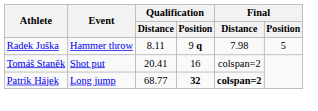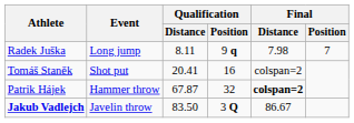 <table class=wikitable style=font-size:90%>
 <tr>
 <th rowspan=2>Athlete</th>
 <th rowspan=2>Event</th>
 <th colspan=2>Qualification</th>
 <th colspan=2>Final</th>
 </tr>
 <tr style=font-size:95%>
 <th>Distance</th>
 <th>Position</th>
 <th>Distance</th>
 <th>Position</th>
 </tr>
 <tr align=center>
 <td align=left><a href='#'>Radek Juška</a></td>
-<td align=left><a href='#'>Hammer throw</a></td>
+<td align=left><a href='#'>Long jump</a></td>
 <td>8.11</td>
 <td>9 <strong>q</strong></td>
 <td>7.98</td>
-<td>5</td>
+<td>7</td>
 </tr>
 <tr align=center>
 <td align=left><a href='#'>Tomáš Staněk</a></td>
 <td align=left><a href='#'>Shot put</a></td>
 <td>20.41</td>
 <td>16</td>
 <td>colspan=2 </td>
 </tr>
 <tr align=center>
 <td align=left><a href='#'>Patrik Hájek</a></td>
-<td align=left><a href='#'>Long jump</a></td>
-<td>68.77</td>
-<td><strong>32</strong></td>
+<td align=left><a href='#'>Hammer throw</a></td>
+<td>67.87</td>
+<td>32</td>
 <td><strong>colspan=2 </strong></td>
 </tr>
+<tr align=center>
+<td align=left><strong><a href='#'>Jakub Vadlejch</a></strong></td>
+<td align=left><a href='#'>Javelin throw</a></td>
+<td>83.50</td>
+<td>3 <strong>Q</strong></td>
+<td>86.67</td>
+<td></td>
+</tr>
 </table>
